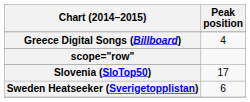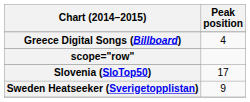 <table class="wikitable sortable plainrowheaders">
 <tr>
 <th scope="col">Chart (2014–2015)</th>
 <th scope="col">Peak<br>position</th>
 </tr>
 <tr>
 </tr>
 <tr>
 </tr>
 <tr>
 </tr>
 <tr>
 </tr>
 <tr>
 </tr>
 <tr>
 </tr>
 <tr>
 </tr>
 <tr>
 <th scope="row">Greece Digital Songs (<em><a href='#'>Billboard</a></em>)</th>
 <td align="center">4</td>
 </tr>
 <tr>
 </tr>
 <tr>
 </tr>
 <tr>
 </tr>
 <tr>
 </tr>
 <tr>
 </tr>
 <tr>
 </tr>
 <tr>
 <th>scope="row"</th>
 </tr>
 <tr>
 </tr>
 <tr>
 </tr>
 <tr>
 <th scope="row">Slovenia (<a href='#'>SloTop50</a>)</th>
 <td align=center>17</td>
 </tr>
 <tr>
 <th scope="row">Sweden Heatseeker (<a href='#'>Sverigetopplistan</a>)</th>
-<td align=center>6</td>
+<td align=center>9</td>
 </tr>
 <tr>
 </tr>
 </table>
